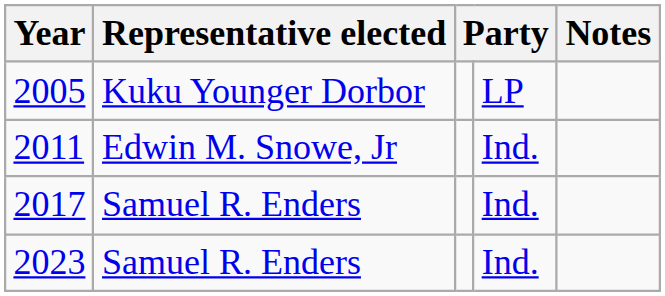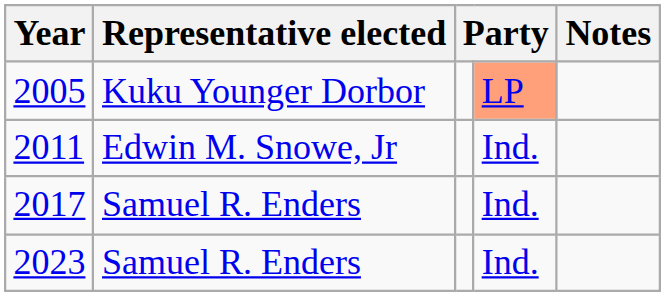 <table class="wikitable">
 <tr>
 <th>Year</th>
 <th>Representative elected</th>
 <th colspan=2>Party</th>
 <th>Notes</th>
 </tr>
 <tr>
 <td><a href='#'>2005</a></td>
 <td><a href='#'>Kuku Younger Dorbor</a></td>
 <td></td>
-<td><a href='#'>LP</a></td>
+<td style="background: lightsalmon;"><a href='#'>LP</a></td>
 <td></td>
 </tr>
 <tr>
 <td><a href='#'>2011</a></td>
 <td><a href='#'>Edwin M. Snowe, Jr</a></td>
 <td></td>
 <td><a href='#'>Ind.</a></td>
 <td></td>
 </tr>
 <tr>
 <td><a href='#'>2017</a></td>
 <td><a href='#'>Samuel R. Enders</a></td>
 <td></td>
 <td><a href='#'>Ind.</a></td>
 <td></td>
 </tr>
 <tr>
 <td><a href='#'>2023</a></td>
 <td><a href='#'>Samuel R. Enders</a></td>
 <td></td>
 <td><a href='#'>Ind.</a></td>
 <td></td>
 </tr>
 </table>
